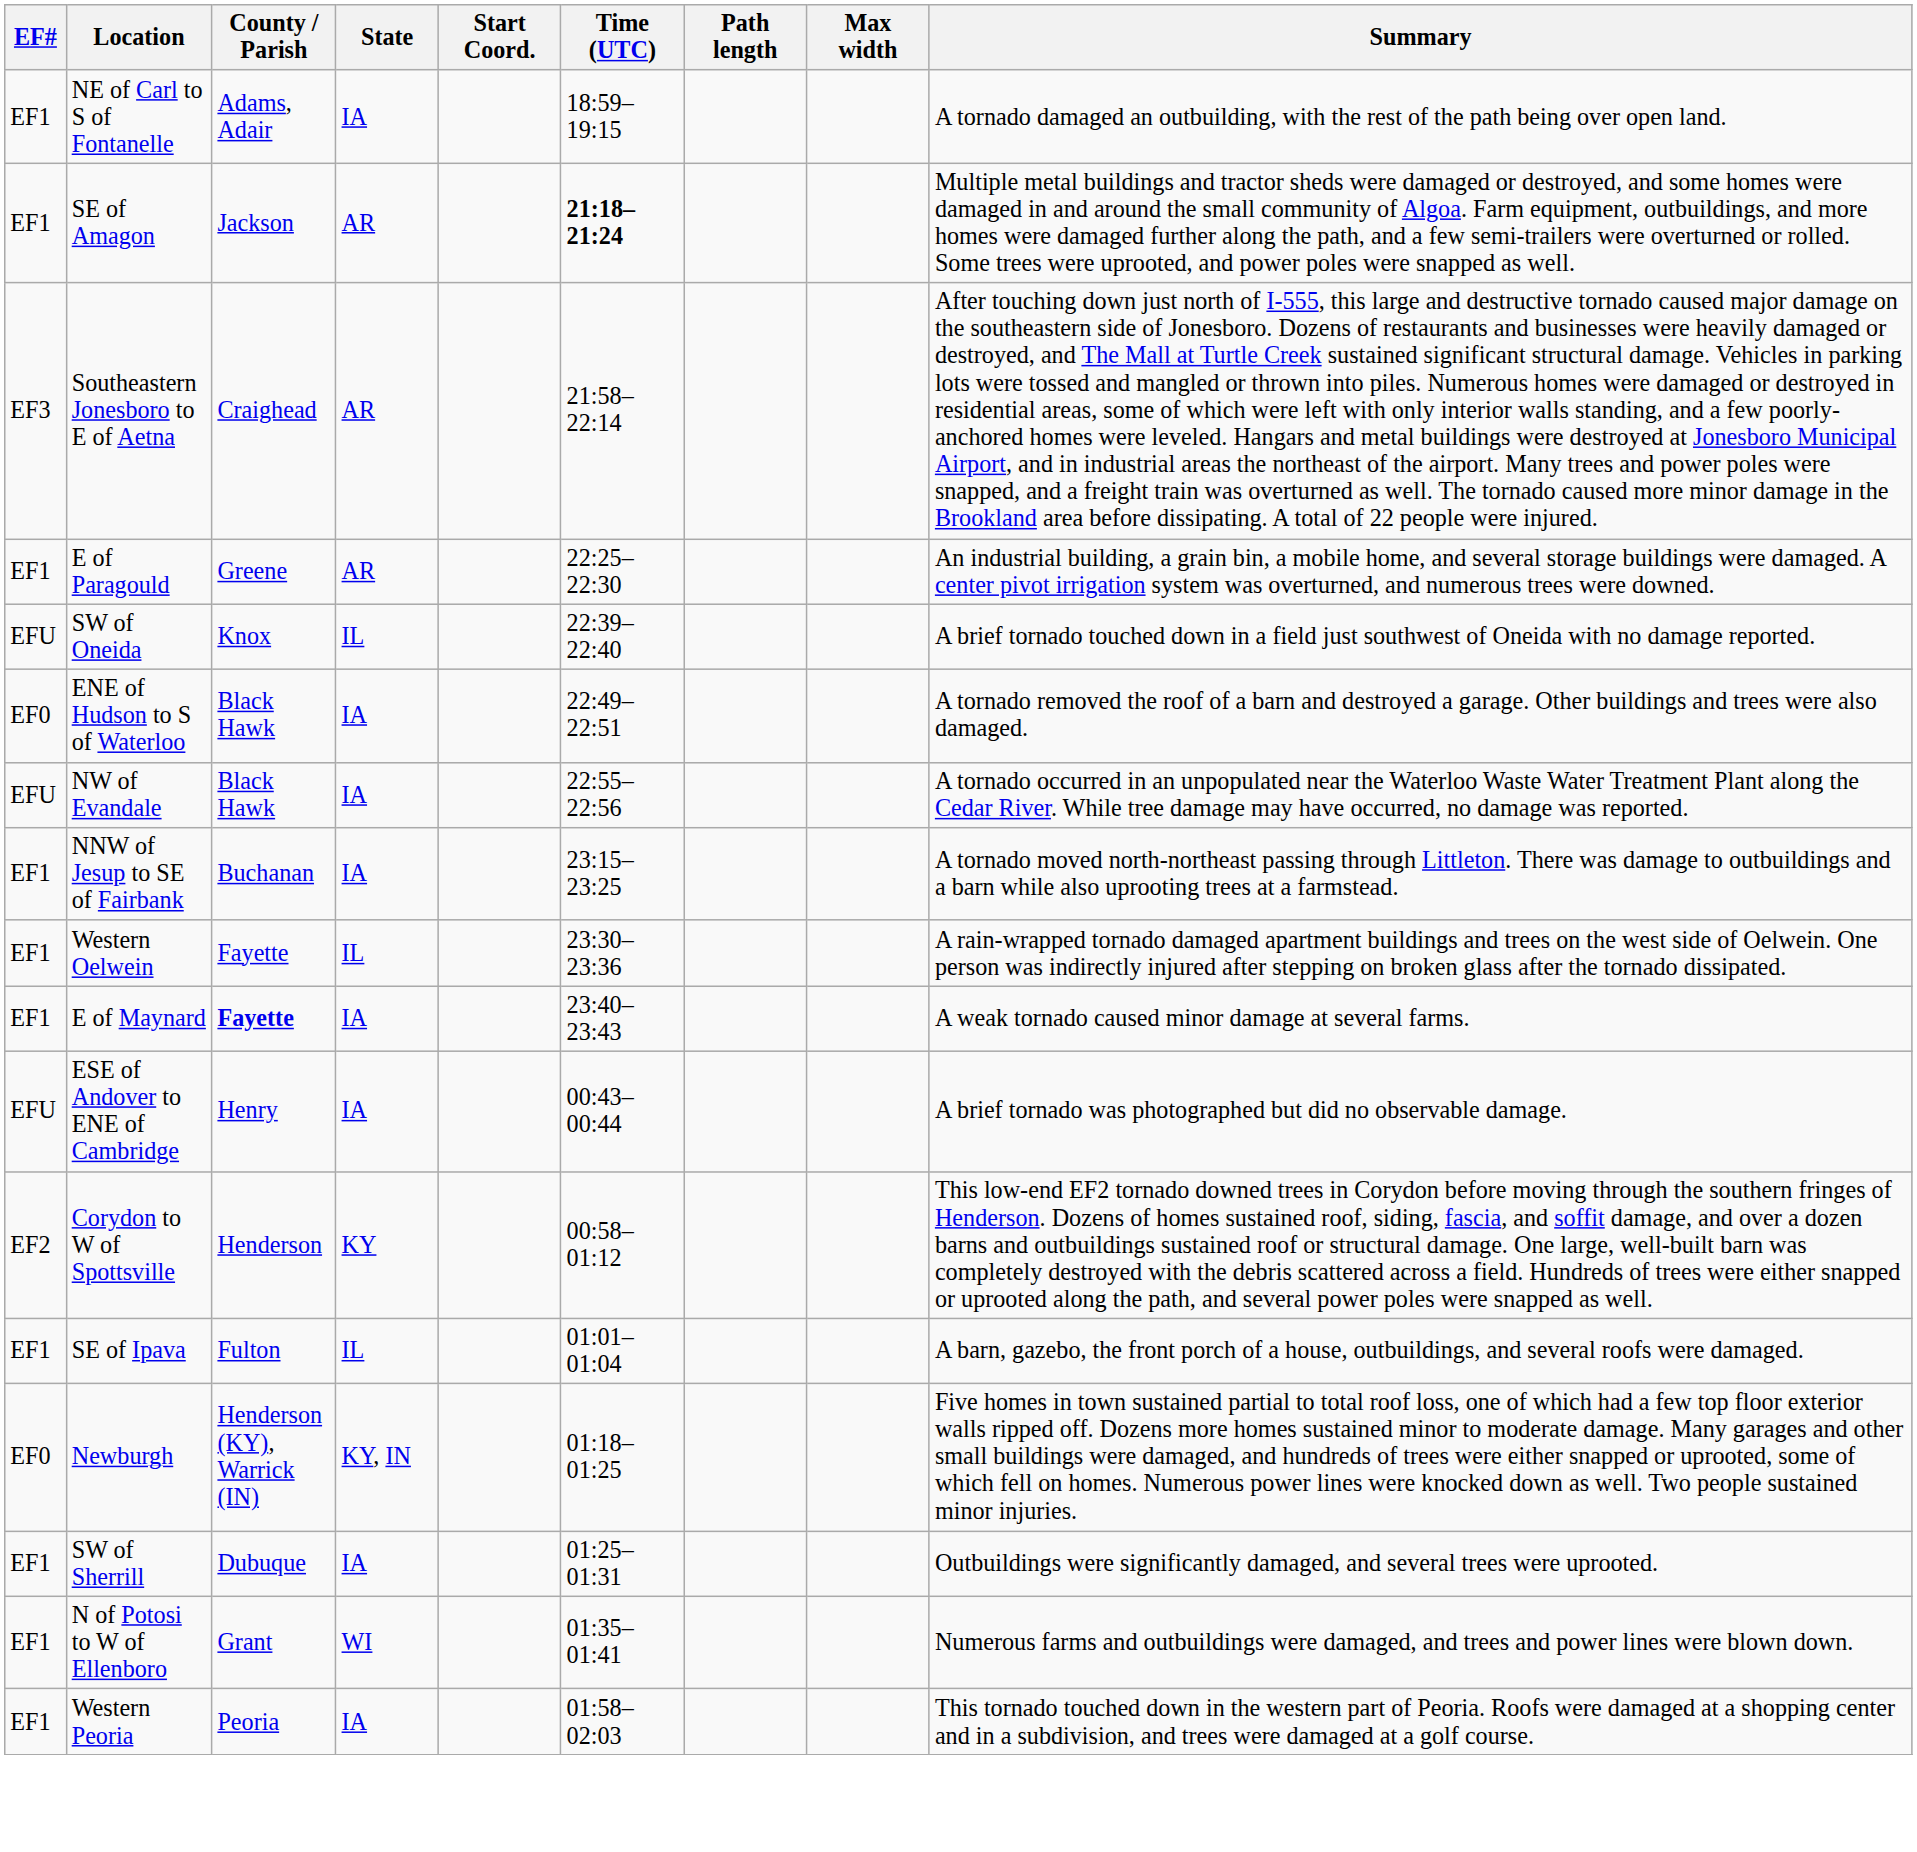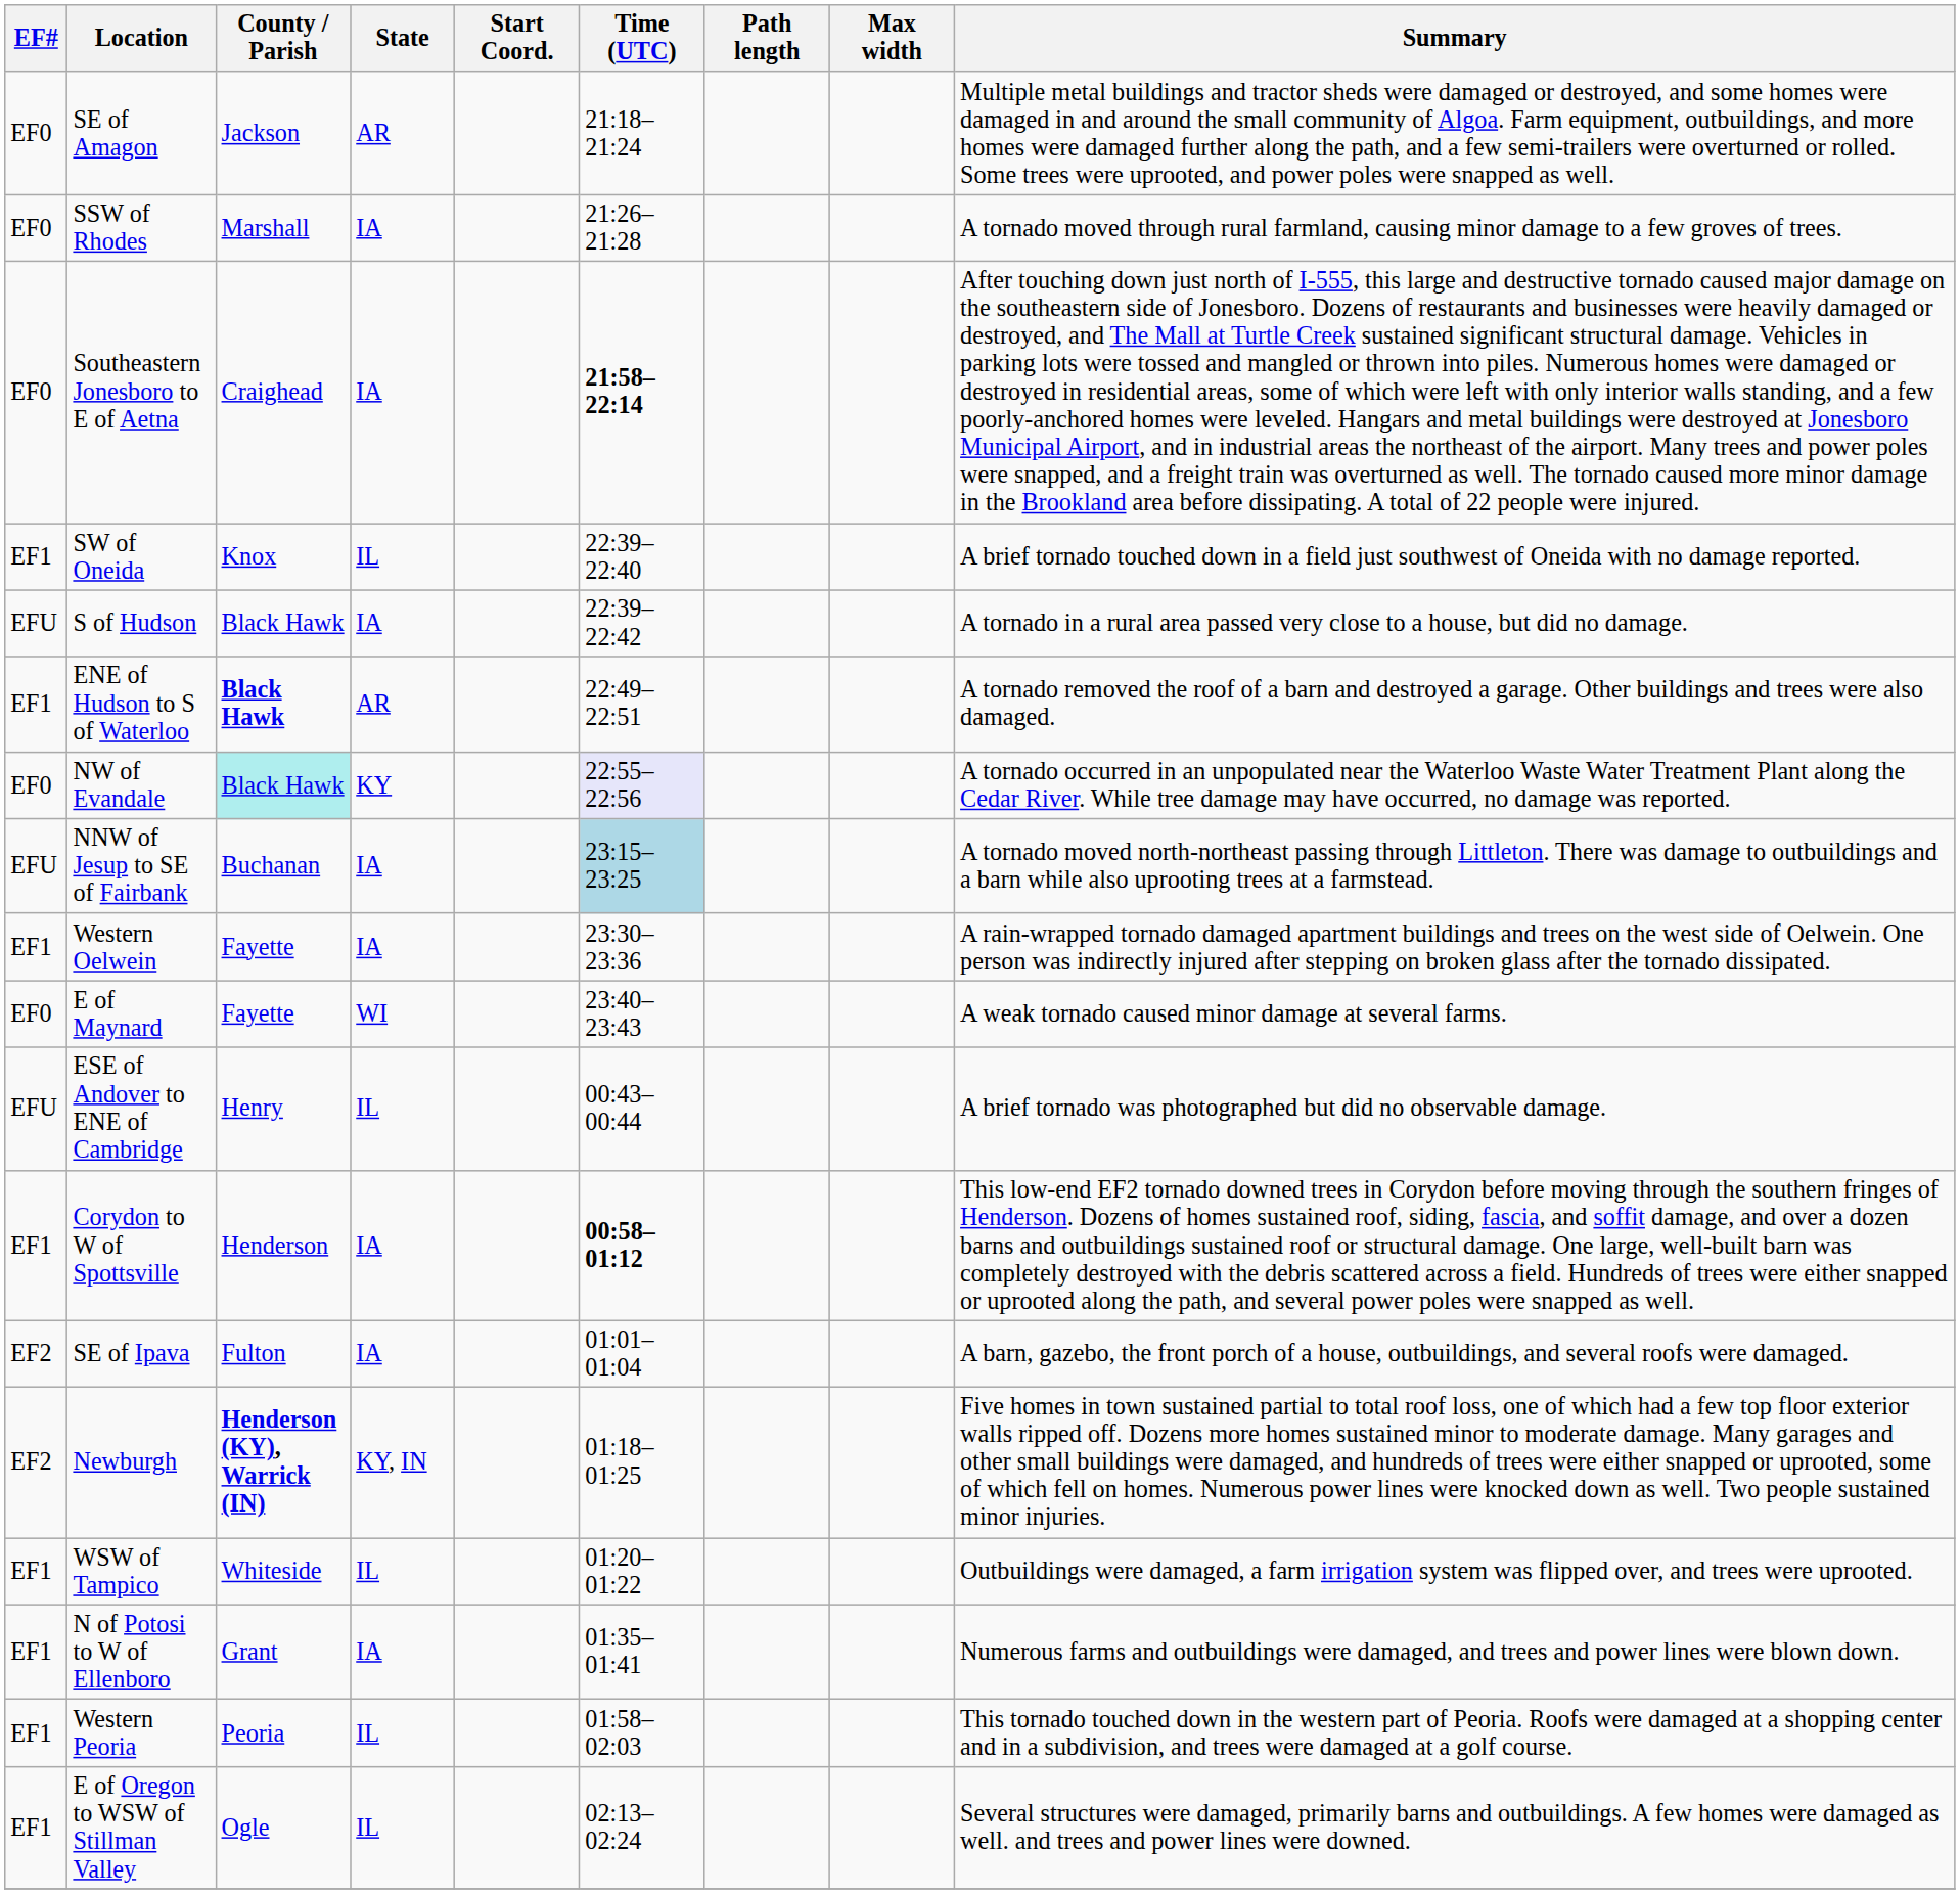 <table class="wikitable sortable" style="width:100%;">
 <tr>
 <th scope="col"  style="width:3%; text-align:center;"><a href='#'>EF#</a></th>
 <th scope="col"  style="width:7%; text-align:center;" class="unsortable">Location</th>
 <th scope="col"  style="width:6%; text-align:center;" class="unsortable">County / Parish</th>
 <th scope="col"  style="width:5%; text-align:center;">State</th>
 <th scope="col"  style="width:6%; text-align:center;">Start Coord.</th>
 <th scope="col"  style="width:6%; text-align:center;">Time (<a href='#'>UTC</a>)</th>
 <th scope="col"  style="width:6%; text-align:center;">Path length</th>
 <th scope="col"  style="width:6%; text-align:center;">Max width</th>
 <th scope="col" class="unsortable" style="width:48%; text-align:center;">Summary</th>
 </tr>
 <tr>
-<td>EF1</td>
-<td>NE of <a href='#'>Carl</a> to S of <a href='#'>Fontanelle</a></td>
-<td><a href='#'>Adams</a>, <a href='#'>Adair</a></td>
-<td><a href='#'>IA</a></td>
-<td></td>
-<td>18:59–19:15</td>
-<td></td>
-<td></td>
-<td>A tornado damaged an outbuilding, with the rest of the path being over open land.</td>
-</tr>
-<tr>
-<td>EF1</td>
+<td>EF0</td>
 <td>SE of <a href='#'>Amagon</a></td>
 <td><a href='#'>Jackson</a></td>
 <td><a href='#'>AR</a></td>
 <td></td>
-<td><strong>21:18–21:24</strong></td>
+<td>21:18–21:24</td>
 <td></td>
 <td></td>
 <td>Multiple metal buildings and tractor sheds were damaged or destroyed, and some homes were damaged in and around the small community of <a href='#'>Algoa</a>. Farm equipment, outbuildings, and more homes were damaged further along the path, and a few semi-trailers were overturned or rolled. Some trees were uprooted, and power poles were snapped as well.</td>
 </tr>
 <tr>
-<td>EF3</td>
+<td>EF0</td>
+<td>SSW of <a href='#'>Rhodes</a></td>
+<td><a href='#'>Marshall</a></td>
+<td><a href='#'>IA</a></td>
+<td></td>
+<td>21:26–21:28</td>
+<td></td>
+<td></td>
+<td>A tornado moved through rural farmland, causing minor damage to a few groves of trees.</td>
+</tr>
+<tr>
+<td>EF0</td>
 <td>Southeastern <a href='#'>Jonesboro</a> to E of <a href='#'>Aetna</a></td>
 <td><a href='#'>Craighead</a></td>
-<td><a href='#'>AR</a></td>
+<td><a href='#'>IA</a></td>
 <td></td>
-<td>21:58–22:14</td>
+<td><strong>21:58–22:14</strong></td>
 <td></td>
 <td></td>
 <td>After touching down just north of <a href='#'>I-555</a>, this large and destructive tornado caused major damage on the southeastern side of Jonesboro. Dozens of restaurants and businesses were heavily damaged or destroyed, and <a href='#'>The Mall at Turtle Creek</a> sustained significant structural damage. Vehicles in parking lots were tossed and mangled or thrown into piles. Numerous homes were damaged or destroyed in residential areas, some of which were left with only interior walls standing, and a few poorly-anchored homes were leveled. Hangars and metal buildings were destroyed at <a href='#'>Jonesboro Municipal Airport</a>, and in industrial areas the northeast of the airport. Many trees and power poles were snapped, and a freight train was overturned as well. The tornado caused more minor damage in the <a href='#'>Brookland</a> area before dissipating. A total of 22 people were injured.</td>
 </tr>
 <tr>
 <td>EF1</td>
-<td>E of <a href='#'>Paragould</a></td>
-<td><a href='#'>Greene</a></td>
-<td><a href='#'>AR</a></td>
-<td></td>
-<td>22:25–22:30</td>
-<td></td>
-<td></td>
-<td>An industrial building, a grain bin, a mobile home, and several storage buildings were damaged. A <a href='#'>center pivot irrigation</a> system was overturned, and numerous trees were downed.</td>
-</tr>
-<tr>
-<td>EFU</td>
 <td>SW of <a href='#'>Oneida</a></td>
 <td><a href='#'>Knox</a></td>
 <td><a href='#'>IL</a></td>
 <td></td>
 <td>22:39–22:40</td>
 <td></td>
 <td></td>
 <td>A brief tornado touched down in a field just southwest of Oneida with no damage reported.</td>
 </tr>
 <tr>
-<td>EF0</td>
-<td>ENE of <a href='#'>Hudson</a> to S of <a href='#'>Waterloo</a></td>
+<td>EFU</td>
+<td>S of <a href='#'>Hudson</a></td>
 <td><a href='#'>Black Hawk</a></td>
 <td><a href='#'>IA</a></td>
+<td></td>
+<td>22:39–22:42</td>
+<td></td>
+<td></td>
+<td>A tornado in a rural area passed very close to a house, but did no damage.</td>
+</tr>
+<tr>
+<td>EF1</td>
+<td>ENE of <a href='#'>Hudson</a> to S of <a href='#'>Waterloo</a></td>
+<td><strong><a href='#'>Black Hawk</a></strong></td>
+<td><a href='#'>AR</a></td>
 <td></td>
 <td>22:49–22:51</td>
 <td></td>
 <td></td>
 <td>A tornado removed the roof of a barn and destroyed a garage. Other buildings and trees were also damaged.</td>
 </tr>
 <tr>
-<td>EFU</td>
+<td>EF0</td>
 <td>NW of <a href='#'>Evandale</a></td>
-<td><a href='#'>Black Hawk</a></td>
-<td><a href='#'>IA</a></td>
+<td style="background: paleturquoise;"><a href='#'>Black Hawk</a></td>
+<td><a href='#'>KY</a></td>
 <td></td>
-<td>22:55–22:56</td>
+<td style="background: lavender;">22:55–22:56</td>
 <td></td>
 <td></td>
 <td>A tornado occurred in an unpopulated near the Waterloo Waste Water Treatment Plant along the <a href='#'>Cedar River</a>. While tree damage may have occurred, no damage was reported.</td>
 </tr>
 <tr>
-<td>EF1</td>
+<td>EFU</td>
 <td>NNW of <a href='#'>Jesup</a> to SE of <a href='#'>Fairbank</a></td>
 <td><a href='#'>Buchanan</a></td>
 <td><a href='#'>IA</a></td>
 <td></td>
-<td>23:15–23:25</td>
+<td style="background: lightblue;">23:15–23:25</td>
 <td></td>
 <td></td>
 <td>A tornado moved north-northeast passing through <a href='#'>Littleton</a>. There was damage to outbuildings and a barn while also uprooting trees at a farmstead.</td>
 </tr>
 <tr>
 <td>EF1</td>
 <td>Western <a href='#'>Oelwein</a></td>
 <td><a href='#'>Fayette</a></td>
-<td><a href='#'>IL</a></td>
+<td><a href='#'>IA</a></td>
 <td></td>
 <td>23:30–23:36</td>
 <td></td>
 <td></td>
 <td>A rain-wrapped tornado damaged apartment buildings and trees on the west side of Oelwein. One person was indirectly injured after stepping on broken glass after the tornado dissipated.</td>
 </tr>
 <tr>
-<td>EF1</td>
+<td>EF0</td>
 <td>E of <a href='#'>Maynard</a></td>
-<td><strong><a href='#'>Fayette</a></strong></td>
-<td><a href='#'>IA</a></td>
+<td><a href='#'>Fayette</a></td>
+<td><a href='#'>WI</a></td>
 <td></td>
 <td>23:40–23:43</td>
 <td></td>
 <td></td>
 <td>A weak tornado caused minor damage at several farms.</td>
 </tr>
 <tr>
 <td>EFU</td>
 <td>ESE of <a href='#'>Andover</a> to ENE of <a href='#'>Cambridge</a></td>
 <td><a href='#'>Henry</a></td>
-<td><a href='#'>IA</a></td>
+<td><a href='#'>IL</a></td>
 <td></td>
 <td>00:43–00:44</td>
 <td></td>
 <td></td>
 <td>A brief tornado was photographed but did no observable damage.</td>
 </tr>
 <tr>
-<td>EF2</td>
+<td>EF1</td>
 <td><a href='#'>Corydon</a> to W of <a href='#'>Spottsville</a></td>
 <td><a href='#'>Henderson</a></td>
-<td><a href='#'>KY</a></td>
+<td><a href='#'>IA</a></td>
 <td></td>
-<td>00:58–01:12</td>
+<td><strong>00:58–01:12</strong></td>
 <td></td>
 <td></td>
 <td>This low-end EF2 tornado downed trees in Corydon before moving through the southern fringes of <a href='#'>Henderson</a>. Dozens of homes sustained roof, siding, <a href='#'>fascia</a>, and <a href='#'>soffit</a> damage, and over a dozen barns and outbuildings sustained roof or structural damage. One large, well-built barn was completely destroyed with the debris scattered across a field. Hundreds of trees were either snapped or uprooted along the path, and several power poles were snapped as well.</td>
 </tr>
 <tr>
-<td>EF1</td>
+<td>EF2</td>
 <td>SE of <a href='#'>Ipava</a></td>
 <td><a href='#'>Fulton</a></td>
-<td><a href='#'>IL</a></td>
+<td><a href='#'>IA</a></td>
 <td></td>
 <td>01:01–01:04</td>
 <td></td>
 <td></td>
 <td>A barn, gazebo, the front porch of a house, outbuildings, and several roofs were damaged.</td>
 </tr>
 <tr>
-<td>EF0</td>
+<td>EF2</td>
 <td><a href='#'>Newburgh</a></td>
-<td><a href='#'>Henderson (KY)</a>, <a href='#'>Warrick (IN)</a></td>
+<td><strong><a href='#'>Henderson (KY)</a>, <a href='#'>Warrick (IN)</a></strong></td>
 <td><a href='#'>KY</a>, <a href='#'>IN</a></td>
 <td></td>
 <td>01:18–01:25</td>
 <td></td>
 <td></td>
 <td>Five homes in town sustained partial to total roof loss, one of which had a few top floor exterior walls ripped off. Dozens more homes sustained minor to moderate damage. Many garages and other small buildings were damaged, and hundreds of trees were either snapped or uprooted, some of which fell on homes. Numerous power lines were knocked down as well. Two people sustained minor injuries.</td>
 </tr>
 <tr>
 <td>EF1</td>
-<td>SW of <a href='#'>Sherrill</a></td>
-<td><a href='#'>Dubuque</a></td>
-<td><a href='#'>IA</a></td>
+<td>WSW of <a href='#'>Tampico</a></td>
+<td><a href='#'>Whiteside</a></td>
+<td><a href='#'>IL</a></td>
 <td></td>
-<td>01:25–01:31</td>
+<td>01:20–01:22</td>
 <td></td>
 <td></td>
-<td>Outbuildings were significantly damaged, and several trees were uprooted.</td>
+<td>Outbuildings were damaged, a farm <a href='#'>irrigation</a> system was flipped over, and trees were uprooted.</td>
 </tr>
 <tr>
 <td>EF1</td>
 <td>N of <a href='#'>Potosi</a> to W of <a href='#'>Ellenboro</a></td>
 <td><a href='#'>Grant</a></td>
-<td><a href='#'>WI</a></td>
+<td><a href='#'>IA</a></td>
 <td></td>
 <td>01:35–01:41</td>
 <td></td>
 <td></td>
 <td>Numerous farms and outbuildings were damaged, and trees and power lines were blown down.</td>
 </tr>
 <tr>
 <td>EF1</td>
 <td>Western <a href='#'>Peoria</a></td>
 <td><a href='#'>Peoria</a></td>
-<td><a href='#'>IA</a></td>
+<td><a href='#'>IL</a></td>
 <td></td>
 <td>01:58–02:03</td>
 <td></td>
 <td></td>
 <td>This tornado touched down in the western part of Peoria. Roofs were damaged at a shopping center and in a subdivision, and trees were damaged at a golf course.</td>
 </tr>
 <tr>
+<td>EF1</td>
+<td>E of <a href='#'>Oregon</a> to WSW of <a href='#'>Stillman Valley</a></td>
+<td><a href='#'>Ogle</a></td>
+<td><a href='#'>IL</a></td>
+<td></td>
+<td>02:13–02:24</td>
+<td></td>
+<td></td>
+<td>Several structures were damaged, primarily barns and outbuildings. A few homes were damaged as well. and trees and power lines were downed.</td>
+</tr>
+<tr>
 </tr>
 </table>
